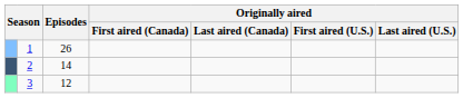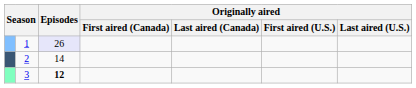 <table class="wikitable plainrowheaders" style="text-align:center;">
 <tr>
 <th scope="col" colspan="2" rowspan="2">Season</th>
 <th scope="col" rowspan="2">Episodes</th>
 <th scope="col" colspan="4">Originally aired</th>
 </tr>
 <tr>
 <th scope="col">First aired (Canada)</th>
 <th scope="col">Last aired (Canada)</th>
 <th scope="col">First aired (U.S.)</th>
 <th scope="col">Last aired (U.S.)</th>
 </tr>
 <tr>
 <td scope="row" style="background:#80bfff;"></td>
 <td><a href='#'>1</a></td>
-<td>26</td>
+<td style="background: lavender;">26</td>
 <td></td>
 <td></td>
 <td></td>
 <td></td>
 </tr>
 <tr>
 <td scope="row" style="background:#3A5673;"></td>
 <td><a href='#'>2</a></td>
 <td>14</td>
 <td></td>
 <td></td>
 <td></td>
 <td></td>
 </tr>
 <tr>
 <td scope="row" style="background:#80ffbf;"></td>
 <td><a href='#'>3</a></td>
-<td>12</td>
+<td><strong>12</strong></td>
 <td></td>
 <td></td>
 <td></td>
 <td></td>
 </tr>
 </table>
